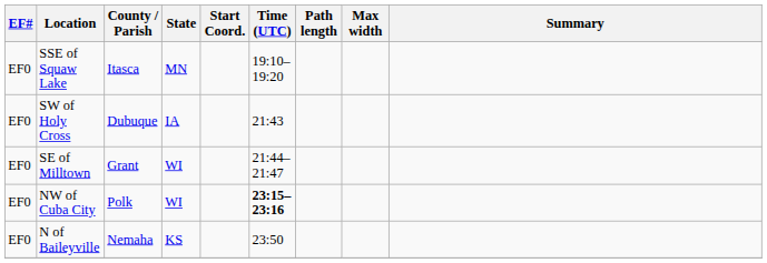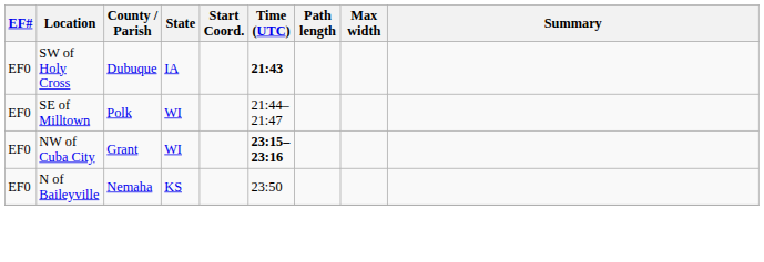 <table class="wikitable sortable" style="width:100%;">
 <tr>
 <th scope="col"  style="width:3%; text-align:center;"><a href='#'>EF#</a></th>
 <th scope="col"  style="width:7%; text-align:center;" class="unsortable">Location</th>
 <th scope="col"  style="width:6%; text-align:center;" class="unsortable">County / Parish</th>
 <th scope="col"  style="width:5%; text-align:center;">State</th>
 <th scope="col"  style="width:6%; text-align:center;">Start Coord.</th>
 <th scope="col"  style="width:6%; text-align:center;">Time (<a href='#'>UTC</a>)</th>
 <th scope="col"  style="width:6%; text-align:center;">Path length</th>
 <th scope="col"  style="width:6%; text-align:center;">Max width</th>
 <th scope="col" class="unsortable" style="width:48%; text-align:center;">Summary</th>
 </tr>
 <tr>
 <td>EF0</td>
-<td>SSE of <a href='#'>Squaw Lake</a></td>
-<td><a href='#'>Itasca</a></td>
-<td><a href='#'>MN</a></td>
-<td></td>
-<td>19:10–19:20</td>
-<td></td>
-<td></td>
-<td></td>
-</tr>
-<tr>
-<td>EF0</td>
 <td>SW of <a href='#'>Holy Cross</a></td>
 <td><a href='#'>Dubuque</a></td>
 <td><a href='#'>IA</a></td>
 <td></td>
-<td>21:43</td>
+<td><strong>21:43</strong></td>
 <td></td>
 <td></td>
 <td></td>
 </tr>
 <tr>
 <td>EF0</td>
 <td>SE of <a href='#'>Milltown</a></td>
-<td><a href='#'>Grant</a></td>
+<td><a href='#'>Polk</a></td>
 <td><a href='#'>WI</a></td>
 <td></td>
 <td>21:44–21:47</td>
 <td></td>
 <td></td>
 <td></td>
 </tr>
 <tr>
 <td>EF0</td>
 <td>NW of <a href='#'>Cuba City</a></td>
-<td><a href='#'>Polk</a></td>
+<td><a href='#'>Grant</a></td>
 <td><a href='#'>WI</a></td>
 <td></td>
 <td><strong>23:15–23:16</strong></td>
 <td></td>
 <td></td>
 <td></td>
 </tr>
 <tr>
 <td>EF0</td>
 <td>N of <a href='#'>Baileyville</a></td>
 <td><a href='#'>Nemaha</a></td>
 <td><a href='#'>KS</a></td>
 <td></td>
 <td>23:50</td>
 <td></td>
 <td></td>
 <td></td>
 </tr>
 <tr>
 </tr>
 </table>
